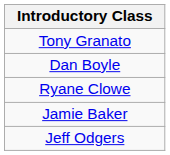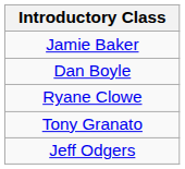 <table class="wikitable">
 <tr>
 <th scope="col" style="width:10em">Introductory Class</th>
 </tr>
 <tr>
-<td align="center"><a href='#'>Tony Granato</a></td>
+<td align="center"><a href='#'>Jamie Baker</a></td>
 </tr>
 <tr>
 <td align="center"><a href='#'>Dan Boyle</a></td>
 </tr>
 <tr>
 <td align="center"><a href='#'>Ryane Clowe</a></td>
 </tr>
 <tr>
-<td align="center"><a href='#'>Jamie Baker</a></td>
+<td align="center"><a href='#'>Tony Granato</a></td>
 </tr>
 <tr>
 <td align="center"><a href='#'>Jeff Odgers</a></td>
 </tr>
 </table>
